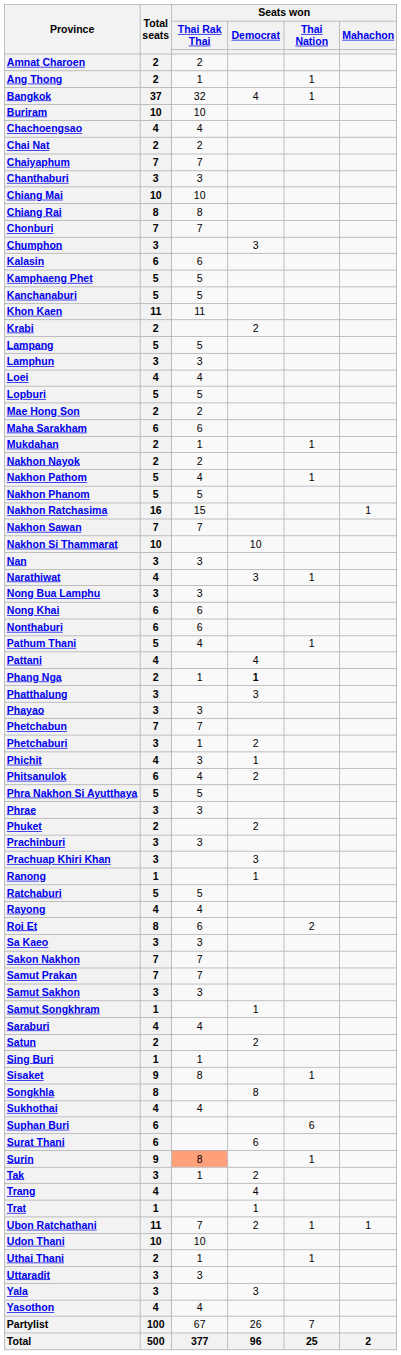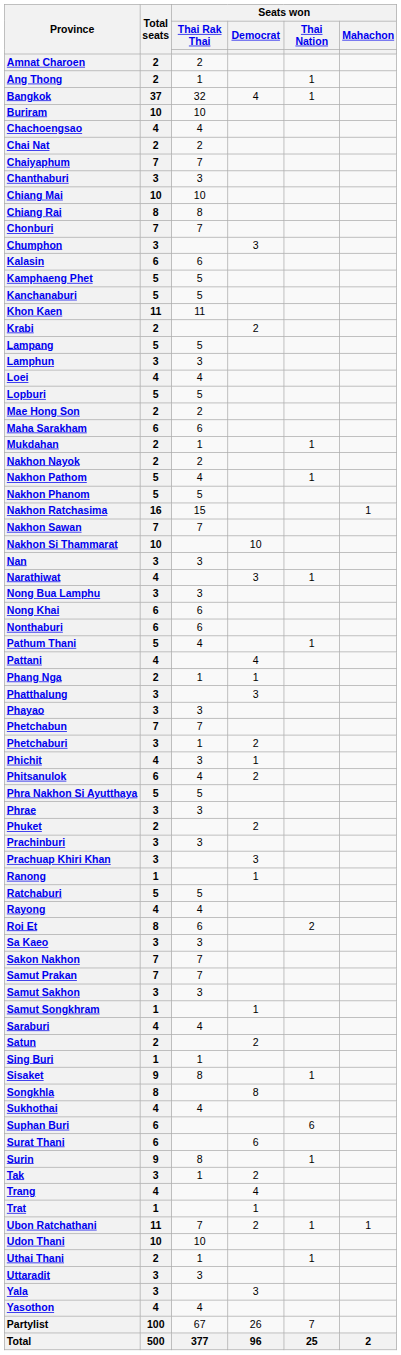 <table class="wikitable" style="text-align:center; font-size: 0.9em;">
 <tr>
 <th rowspan="3">Province</th>
 <th rowspan="3">Total<br>seats</th>
 <th colspan="4">Seats won</th>
 </tr>
 <tr>
 <th class="unsortable" style="width:70px;"><a href='#'>Thai Rak Thai</a></th>
 <th class="unsortable" style="width:70px;"><a href='#'>Democrat</a></th>
 <th class="unsortable" style="width:70px;"><a href='#'>Thai Nation</a></th>
 <th class="unsortable" style="width:70px;"><a href='#'>Mahachon</a></th>
 </tr>
 <tr>
 <th style="background:"></th>
 <th style="background:"></th>
 <th style="background:"></th>
 <th style="background:"></th>
 </tr>
 <tr>
 <th style="text-align: left;"><a href='#'>Amnat Charoen</a></th>
 <th>2</th>
 <td>2</td>
 <td></td>
 <td></td>
 <td></td>
 </tr>
 <tr>
 <th style="text-align: left;"><a href='#'>Ang Thong</a></th>
 <th>2</th>
 <td>1</td>
 <td></td>
 <td>1</td>
 <td></td>
 </tr>
 <tr>
 <th style="text-align: left;"><a href='#'>Bangkok</a></th>
 <th>37</th>
 <td>32</td>
 <td>4</td>
 <td>1</td>
 <td></td>
 </tr>
 <tr>
 <th style="text-align: left;"><a href='#'>Buriram</a></th>
 <th>10</th>
 <td>10</td>
 <td></td>
 <td></td>
 <td></td>
 </tr>
 <tr>
 <th style="text-align: left;"><a href='#'>Chachoengsao</a></th>
 <th>4</th>
 <td>4</td>
 <td></td>
 <td></td>
 <td></td>
 </tr>
 <tr>
 <th style="text-align: left;"><a href='#'>Chai Nat</a></th>
 <th>2</th>
 <td>2</td>
 <td></td>
 <td></td>
 <td></td>
 </tr>
 <tr>
 <th style="text-align: left;"><a href='#'>Chaiyaphum</a></th>
 <th>7</th>
 <td>7</td>
 <td></td>
 <td></td>
 <td></td>
 </tr>
 <tr>
 <th style="text-align: left;"><a href='#'>Chanthaburi</a></th>
 <th>3</th>
 <td>3</td>
 <td></td>
 <td></td>
 <td></td>
 </tr>
 <tr>
 <th style="text-align: left;"><a href='#'>Chiang Mai</a></th>
 <th>10</th>
 <td>10</td>
 <td></td>
 <td></td>
 <td></td>
 </tr>
 <tr>
 <th style="text-align: left;"><a href='#'>Chiang Rai</a></th>
 <th>8</th>
 <td>8</td>
 <td></td>
 <td></td>
 <td></td>
 </tr>
 <tr>
 <th style="text-align: left;"><a href='#'>Chonburi</a></th>
 <th>7</th>
 <td>7</td>
 <td></td>
 <td></td>
 <td></td>
 </tr>
 <tr>
 <th style="text-align: left;"><a href='#'>Chumphon</a></th>
 <th>3</th>
 <td></td>
 <td>3</td>
 <td></td>
 <td></td>
 </tr>
 <tr>
 <th style="text-align: left;"><a href='#'>Kalasin</a></th>
 <th>6</th>
 <td>6</td>
 <td></td>
 <td></td>
 <td></td>
 </tr>
 <tr>
 <th style="text-align: left;"><a href='#'>Kamphaeng Phet</a></th>
 <th>5</th>
 <td>5</td>
 <td></td>
 <td></td>
 <td></td>
 </tr>
 <tr>
 <th style="text-align: left;"><a href='#'>Kanchanaburi</a></th>
 <th>5</th>
 <td>5</td>
 <td></td>
 <td></td>
 <td></td>
 </tr>
 <tr>
 <th style="text-align: left;"><a href='#'>Khon Kaen</a></th>
 <th>11</th>
 <td>11</td>
 <td></td>
 <td></td>
 <td></td>
 </tr>
 <tr>
 <th style="text-align: left;"><a href='#'>Krabi</a></th>
 <th>2</th>
 <td></td>
 <td>2</td>
 <td></td>
 <td></td>
 </tr>
 <tr>
 <th style="text-align: left;"><a href='#'>Lampang</a></th>
 <th>5</th>
 <td>5</td>
 <td></td>
 <td></td>
 <td></td>
 </tr>
 <tr>
 <th style="text-align: left;"><a href='#'>Lamphun</a></th>
 <th>3</th>
 <td>3</td>
 <td></td>
 <td></td>
 <td></td>
 </tr>
 <tr>
 <th style="text-align: left;"><a href='#'>Loei</a></th>
 <th>4</th>
 <td>4</td>
 <td></td>
 <td></td>
 <td></td>
 </tr>
 <tr>
 <th style="text-align: left;"><a href='#'>Lopburi</a></th>
 <th>5</th>
 <td>5</td>
 <td></td>
 <td></td>
 <td></td>
 </tr>
 <tr>
 <th style="text-align: left;"><a href='#'>Mae Hong Son</a></th>
 <th>2</th>
 <td>2</td>
 <td></td>
 <td></td>
 <td></td>
 </tr>
 <tr>
 <th style="text-align: left;"><a href='#'>Maha Sarakham</a></th>
 <th>6</th>
 <td>6</td>
 <td></td>
 <td></td>
 <td></td>
 </tr>
 <tr>
 <th style="text-align: left;"><a href='#'>Mukdahan</a></th>
 <th>2</th>
 <td>1</td>
 <td></td>
 <td>1</td>
 <td></td>
 </tr>
 <tr>
 <th style="text-align: left;"><a href='#'>Nakhon Nayok</a></th>
 <th>2</th>
 <td>2</td>
 <td></td>
 <td></td>
 <td></td>
 </tr>
 <tr>
 <th style="text-align: left;"><a href='#'>Nakhon Pathom</a></th>
 <th>5</th>
 <td>4</td>
 <td></td>
 <td>1</td>
 <td></td>
 </tr>
 <tr>
 <th style="text-align: left;"><a href='#'>Nakhon Phanom</a></th>
 <th>5</th>
 <td>5</td>
 <td></td>
 <td></td>
 <td></td>
 </tr>
 <tr>
 <th style="text-align: left;"><a href='#'>Nakhon Ratchasima</a></th>
 <th>16</th>
 <td>15</td>
 <td></td>
 <td></td>
 <td>1</td>
 </tr>
 <tr>
 <th style="text-align: left;"><a href='#'>Nakhon Sawan</a></th>
 <th>7</th>
 <td>7</td>
 <td></td>
 <td></td>
 <td></td>
 </tr>
 <tr>
 <th style="text-align: left;"><a href='#'>Nakhon Si Thammarat</a></th>
 <th>10</th>
 <td></td>
 <td>10</td>
 <td></td>
 <td></td>
 </tr>
 <tr>
 <th style="text-align: left;"><a href='#'>Nan</a></th>
 <th>3</th>
 <td>3</td>
 <td></td>
 <td></td>
 <td></td>
 </tr>
 <tr>
 <th style="text-align: left;"><a href='#'>Narathiwat</a></th>
 <th>4</th>
 <td></td>
 <td>3</td>
 <td>1</td>
 <td></td>
 </tr>
 <tr>
 <th style="text-align: left;"><a href='#'>Nong Bua Lamphu</a></th>
 <th>3</th>
 <td>3</td>
 <td></td>
 <td></td>
 <td></td>
 </tr>
 <tr>
 <th style="text-align: left;"><a href='#'>Nong Khai</a></th>
 <th>6</th>
 <td>6</td>
 <td></td>
 <td></td>
 <td></td>
 </tr>
 <tr>
 <th style="text-align: left;"><a href='#'>Nonthaburi</a></th>
 <th>6</th>
 <td>6</td>
 <td></td>
 <td></td>
 <td></td>
 </tr>
 <tr>
 <th style="text-align: left;"><a href='#'>Pathum Thani</a></th>
 <th>5</th>
 <td>4</td>
 <td></td>
 <td>1</td>
 <td></td>
 </tr>
 <tr>
 <th style="text-align: left;"><a href='#'>Pattani</a></th>
 <th>4</th>
 <td></td>
 <td>4</td>
 <td></td>
 <td></td>
 </tr>
 <tr>
 <th style="text-align: left;"><a href='#'>Phang Nga</a></th>
 <th>2</th>
 <td>1</td>
-<td><strong>1</strong></td>
+<td>1</td>
 <td></td>
 <td></td>
 </tr>
 <tr>
 <th style="text-align: left;"><a href='#'>Phatthalung</a></th>
 <th>3</th>
 <td></td>
 <td>3</td>
 <td></td>
 <td></td>
 </tr>
 <tr>
 <th style="text-align: left;"><a href='#'>Phayao</a></th>
 <th>3</th>
 <td>3</td>
 <td></td>
 <td></td>
 <td></td>
 </tr>
 <tr>
 <th style="text-align: left;"><a href='#'>Phetchabun</a></th>
 <th>7</th>
 <td>7</td>
 <td></td>
 <td></td>
 <td></td>
 </tr>
 <tr>
 <th style="text-align: left;"><a href='#'>Phetchaburi</a></th>
 <th>3</th>
 <td>1</td>
 <td>2</td>
 <td></td>
 <td></td>
 </tr>
 <tr>
 <th style="text-align: left;"><a href='#'>Phichit</a></th>
 <th>4</th>
 <td>3</td>
 <td>1</td>
 <td></td>
 <td></td>
 </tr>
 <tr>
 <th style="text-align: left;"><a href='#'>Phitsanulok</a></th>
 <th>6</th>
 <td>4</td>
 <td>2</td>
 <td></td>
 <td></td>
 </tr>
 <tr>
 <th style="text-align: left;"><a href='#'>Phra Nakhon Si Ayutthaya</a></th>
 <th>5</th>
 <td>5</td>
 <td></td>
 <td></td>
 <td></td>
 </tr>
 <tr>
 <th style="text-align: left;"><a href='#'>Phrae</a></th>
 <th>3</th>
 <td>3</td>
 <td></td>
 <td></td>
 <td></td>
 </tr>
 <tr>
 <th style="text-align: left;"><a href='#'>Phuket</a></th>
 <th>2</th>
 <td></td>
 <td>2</td>
 <td></td>
 <td></td>
 </tr>
 <tr>
 <th style="text-align: left;"><a href='#'>Prachinburi</a></th>
 <th>3</th>
 <td>3</td>
 <td></td>
 <td></td>
 <td></td>
 </tr>
 <tr>
 <th style="text-align: left;"><a href='#'>Prachuap Khiri Khan</a></th>
 <th>3</th>
 <td></td>
 <td>3</td>
 <td></td>
 <td></td>
 </tr>
 <tr>
 <th style="text-align: left;"><a href='#'>Ranong</a></th>
 <th>1</th>
 <td></td>
 <td>1</td>
 <td></td>
 <td></td>
 </tr>
 <tr>
 <th style="text-align: left;"><a href='#'>Ratchaburi</a></th>
 <th>5</th>
 <td>5</td>
 <td></td>
 <td></td>
 <td></td>
 </tr>
 <tr>
 <th style="text-align: left;"><a href='#'>Rayong</a></th>
 <th>4</th>
 <td>4</td>
 <td></td>
 <td></td>
 <td></td>
 </tr>
 <tr>
 <th style="text-align: left;"><a href='#'>Roi Et</a></th>
 <th>8</th>
 <td>6</td>
 <td></td>
 <td>2</td>
 <td></td>
 </tr>
 <tr>
 <th style="text-align: left;"><a href='#'>Sa Kaeo</a></th>
 <th>3</th>
 <td>3</td>
 <td></td>
 <td></td>
 <td></td>
 </tr>
 <tr>
 <th style="text-align: left;"><a href='#'>Sakon Nakhon</a></th>
 <th>7</th>
 <td>7</td>
 <td></td>
 <td></td>
 <td></td>
 </tr>
 <tr>
 <th style="text-align: left;"><a href='#'>Samut Prakan</a></th>
 <th>7</th>
 <td>7</td>
 <td></td>
 <td></td>
 <td></td>
 </tr>
 <tr>
 <th style="text-align: left;"><a href='#'>Samut Sakhon</a></th>
 <th>3</th>
 <td>3</td>
 <td></td>
 <td></td>
 <td></td>
 </tr>
 <tr>
 <th style="text-align: left;"><a href='#'>Samut Songkhram</a></th>
 <th>1</th>
 <td></td>
 <td>1</td>
 <td></td>
 <td></td>
 </tr>
 <tr>
 <th style="text-align: left;"><a href='#'>Saraburi</a></th>
 <th>4</th>
 <td>4</td>
 <td></td>
 <td></td>
 <td></td>
 </tr>
 <tr>
 <th style="text-align: left;"><a href='#'>Satun</a></th>
 <th>2</th>
 <td></td>
 <td>2</td>
 <td></td>
 <td></td>
 </tr>
 <tr>
 <th style="text-align: left;"><a href='#'>Sing Buri</a></th>
 <th>1</th>
 <td>1</td>
 <td></td>
 <td></td>
 <td></td>
 </tr>
 <tr>
 <th style="text-align: left;"><a href='#'>Sisaket</a></th>
 <th>9</th>
 <td>8</td>
 <td></td>
 <td>1</td>
 <td></td>
 </tr>
 <tr>
 <th style="text-align: left;"><a href='#'>Songkhla</a></th>
 <th>8</th>
 <td></td>
 <td>8</td>
 <td></td>
 <td></td>
 </tr>
 <tr>
 <th style="text-align: left;"><a href='#'>Sukhothai</a></th>
 <th>4</th>
 <td>4</td>
 <td></td>
 <td></td>
 <td></td>
 </tr>
 <tr>
 <th style="text-align: left;"><a href='#'>Suphan Buri</a></th>
 <th>6</th>
 <td></td>
 <td></td>
 <td>6</td>
 <td></td>
 </tr>
 <tr>
 <th style="text-align: left;"><a href='#'>Surat Thani</a></th>
 <th>6</th>
 <td></td>
 <td>6</td>
 <td></td>
 <td></td>
 </tr>
 <tr>
 <th style="text-align: left;"><a href='#'>Surin</a></th>
 <th>9</th>
-<td style="background: lightsalmon;">8</td>
+<td>8</td>
 <td></td>
 <td>1</td>
 <td></td>
 </tr>
 <tr>
 <th style="text-align: left;"><a href='#'>Tak</a></th>
 <th>3</th>
 <td>1</td>
 <td>2</td>
 <td></td>
 <td></td>
 </tr>
 <tr>
 <th style="text-align: left;"><a href='#'>Trang</a></th>
 <th>4</th>
 <td></td>
 <td>4</td>
 <td></td>
 <td></td>
 </tr>
 <tr>
 <th style="text-align: left;"><a href='#'>Trat</a></th>
 <th>1</th>
 <td></td>
 <td>1</td>
 <td></td>
 <td></td>
 </tr>
 <tr>
 <th style="text-align: left;"><a href='#'>Ubon Ratchathani</a></th>
 <th>11</th>
 <td>7</td>
 <td>2</td>
 <td>1</td>
 <td>1</td>
 </tr>
 <tr>
 <th style="text-align: left;"><a href='#'>Udon Thani</a></th>
 <th>10</th>
 <td>10</td>
 <td></td>
 <td></td>
 <td></td>
 </tr>
 <tr>
 <th style="text-align: left;"><a href='#'>Uthai Thani</a></th>
 <th>2</th>
 <td>1</td>
 <td></td>
 <td>1</td>
 <td></td>
 </tr>
 <tr>
 <th style="text-align: left;"><a href='#'>Uttaradit</a></th>
 <th>3</th>
 <td>3</td>
 <td></td>
 <td></td>
 <td></td>
 </tr>
 <tr>
 <th style="text-align: left;"><a href='#'>Yala</a></th>
 <th>3</th>
 <td></td>
 <td>3</td>
 <td></td>
 <td></td>
 </tr>
 <tr>
 <th style="text-align: left;"><a href='#'>Yasothon</a></th>
 <th>4</th>
 <td>4</td>
 <td></td>
 <td></td>
 <td></td>
 </tr>
 <tr>
 <th style="text-align: left;">Partylist</th>
 <th>100</th>
 <td>67</td>
 <td>26</td>
 <td>7</td>
 <td></td>
 </tr>
 <tr class="sortbottom">
 <th style="text-align: left;">Total</th>
 <th>500</th>
 <th>377</th>
 <th>96</th>
 <th>25</th>
 <th>2</th>
 </tr>
 </table>
